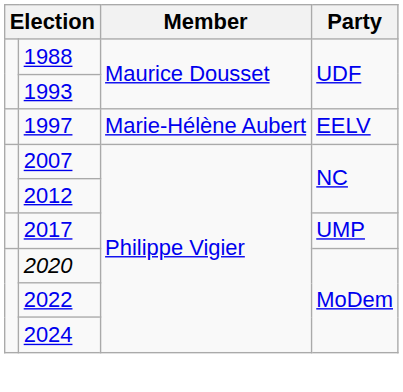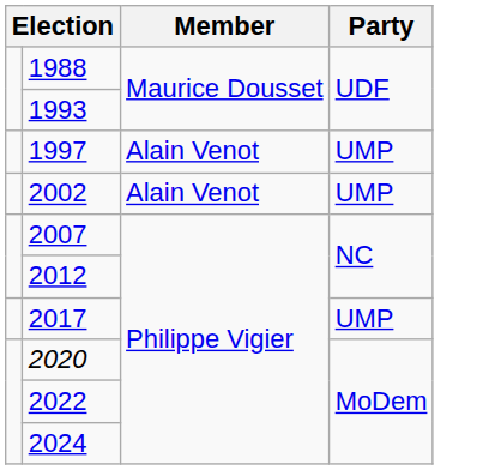 <table class="wikitable">
 <tr>
 <th colspan=2>Election</th>
 <th>Member</th>
 <th>Party</th>
 </tr>
 <tr>
 <td rowspan="2" style="background-color: "></td>
 <td><a href='#'>1988</a></td>
 <td rowspan="2"><a href='#'>Maurice Dousset</a></td>
 <td rowspan="2"><a href='#'>UDF</a></td>
 </tr>
 <tr>
 <td><a href='#'>1993</a></td>
 </tr>
 <tr>
 <td style="background-color: "></td>
 <td><a href='#'>1997</a></td>
-<td><a href='#'>Marie-Hélène Aubert</a></td>
-<td><a href='#'>EELV</a></td>
+<td><a href='#'>Alain Venot</a></td>
+<td><a href='#'>UMP</a></td>
+</tr>
+<tr>
+<td style="background-color: "></td>
+<td><a href='#'>2002</a></td>
+<td><a href='#'>Alain Venot</a></td>
+<td><a href='#'>UMP</a></td>
 </tr>
 <tr>
 <td rowspan=2 style="background-color: "></td>
 <td><a href='#'>2007</a></td>
 <td rowspan="6"><a href='#'>Philippe Vigier</a></td>
 <td rowspan=2><a href='#'>NC</a></td>
 </tr>
 <tr>
 <td><a href='#'>2012</a></td>
 </tr>
 <tr>
 <td style="background-color: "></td>
 <td><a href='#'>2017</a></td>
 <td><a href='#'>UMP</a></td>
 </tr>
 <tr>
 <td rowspan="3" style="color:inherit;background-color: "></td>
 <td><em>2020</em></td>
 <td rowspan="3"><a href='#'>MoDem</a></td>
 </tr>
 <tr>
 <td><a href='#'>2022</a></td>
 </tr>
 <tr>
 <td><a href='#'>2024</a></td>
 </tr>
 </table>
